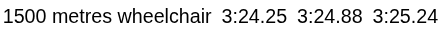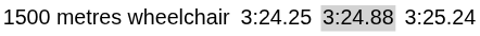 <table>
 <tr>
 </tr>
 <tr>
 <td>1500 metres wheelchair</td>
 <td></td>
 <td>3:24.25</td>
 <td></td>
-<td>3:24.88</td>
+<td style="background: lightgrey;">3:24.88</td>
 <td></td>
 <td>3:25.24</td>
 </tr>
 </table>
